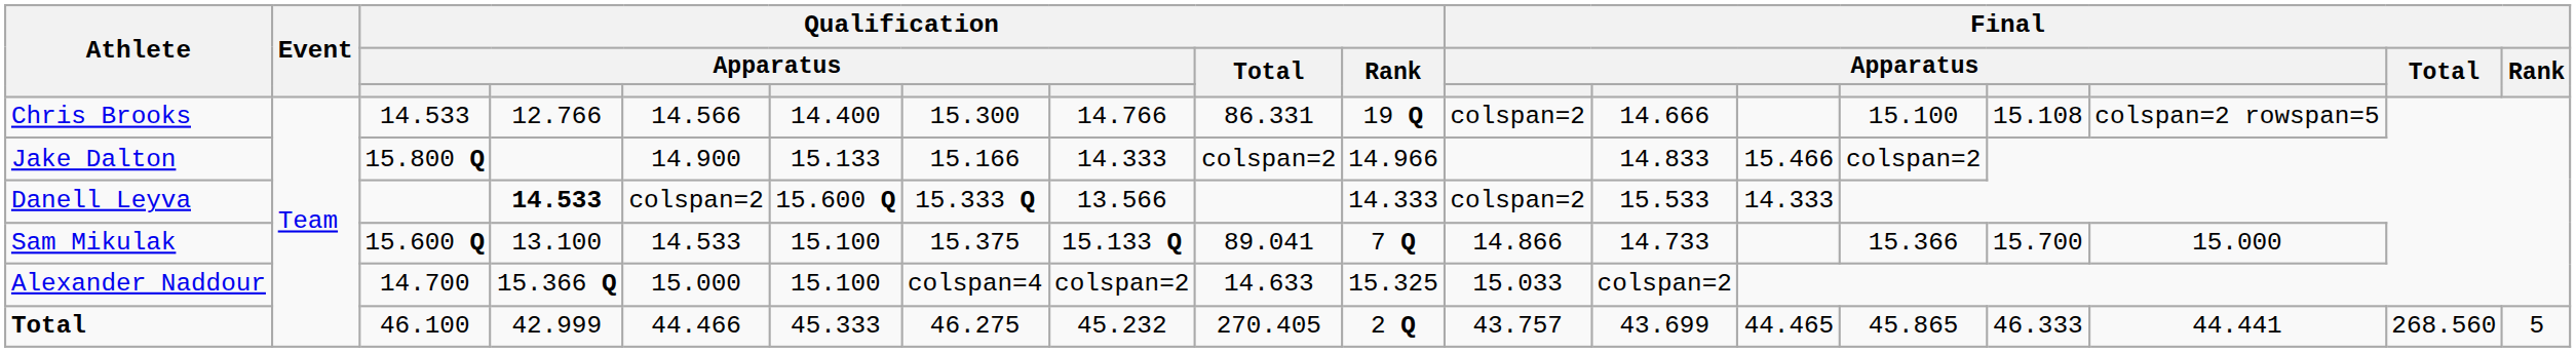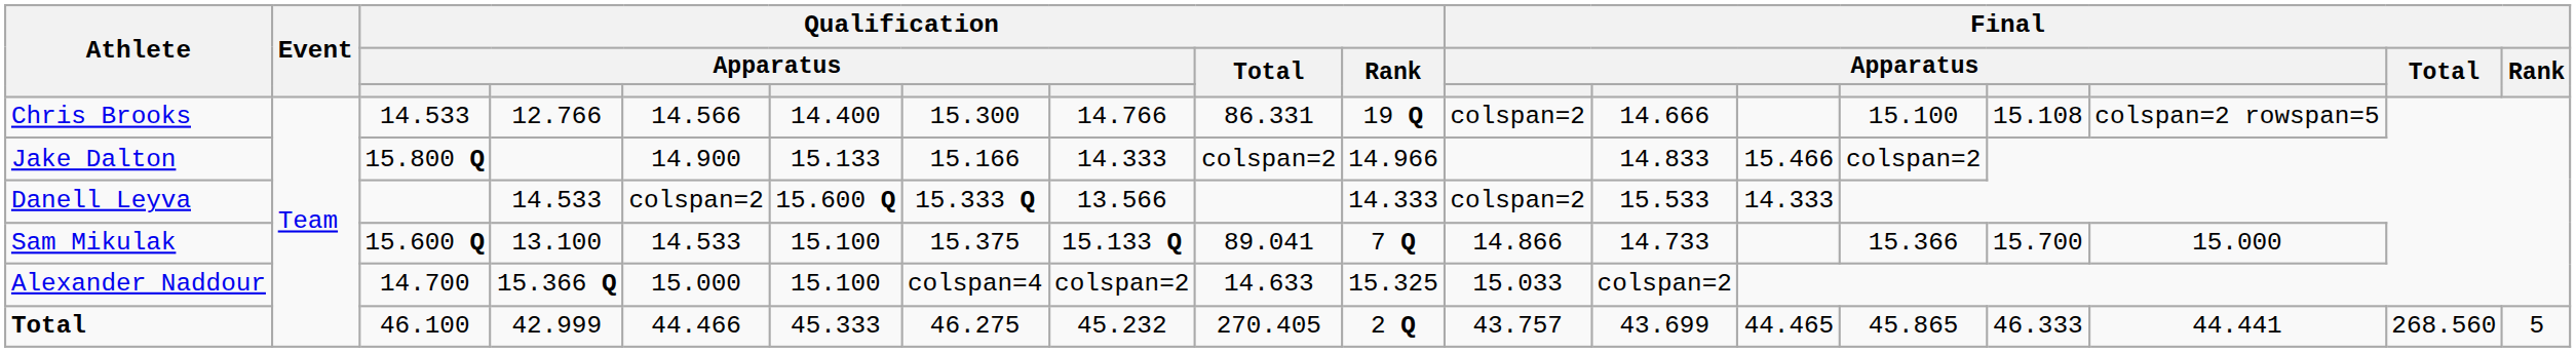 <table class=wikitable style=font-size:90%;text-align:center>
 <tr>
 <th rowspan=3>Athlete</th>
 <th rowspan=3>Event</th>
 <th colspan =8>Qualification</th>
 <th colspan =8>Final</th>
 </tr>
 <tr style=font-size:95%>
 <th colspan=6>Apparatus</th>
 <th rowspan=2>Total</th>
 <th rowspan=2>Rank</th>
 <th colspan=6>Apparatus</th>
 <th rowspan=2>Total</th>
 <th rowspan=2>Rank</th>
 </tr>
 <tr style=font-size:95%>
 <th></th>
 <th></th>
 <th></th>
 <th></th>
 <th></th>
 <th></th>
 <th></th>
 <th></th>
 <th></th>
 <th></th>
 <th></th>
 <th></th>
 </tr>
 <tr>
 <td align=left><a href='#'>Chris Brooks</a></td>
 <td align=left rowspan=6><a href='#'>Team</a></td>
 <td>14.533</td>
 <td>12.766</td>
 <td>14.566</td>
 <td>14.400</td>
 <td>15.300</td>
 <td>14.766</td>
 <td>86.331</td>
 <td>19 <strong>Q</strong></td>
 <td>colspan=2 </td>
 <td>14.666</td>
 <td></td>
 <td>15.100</td>
 <td>15.108</td>
 <td>colspan=2 rowspan=5 </td>
 </tr>
 <tr>
 <td align=left><a href='#'>Jake Dalton</a></td>
 <td>15.800 <strong>Q</strong></td>
 <td></td>
 <td>14.900</td>
 <td>15.133</td>
 <td>15.166</td>
 <td>14.333</td>
 <td>colspan=2 </td>
 <td>14.966</td>
 <td></td>
 <td>14.833</td>
 <td>15.466</td>
 <td>colspan=2 </td>
 </tr>
 <tr>
 <td align=left><a href='#'>Danell Leyva</a></td>
 <td></td>
-<td><strong>14.533</strong></td>
+<td>14.533</td>
 <td>colspan=2 </td>
 <td>15.600 <strong>Q</strong></td>
 <td>15.333 <strong>Q</strong></td>
 <td>13.566</td>
 <td></td>
 <td>14.333</td>
 <td>colspan=2 </td>
 <td>15.533</td>
 <td>14.333</td>
 </tr>
 <tr>
 <td align=left><a href='#'>Sam Mikulak</a></td>
 <td>15.600 <strong>Q</strong></td>
 <td>13.100</td>
 <td>14.533</td>
 <td>15.100</td>
 <td>15.375</td>
 <td>15.133 <strong>Q</strong></td>
 <td>89.041</td>
 <td>7 <strong>Q</strong></td>
 <td>14.866</td>
 <td>14.733</td>
 <td></td>
 <td>15.366</td>
 <td>15.700</td>
 <td>15.000</td>
 </tr>
 <tr>
 <td align=left><a href='#'>Alexander Naddour</a></td>
 <td>14.700</td>
 <td>15.366 <strong>Q</strong></td>
 <td>15.000</td>
 <td>15.100</td>
 <td>colspan=4 </td>
 <td>colspan=2 </td>
 <td>14.633</td>
 <td>15.325</td>
 <td>15.033</td>
 <td>colspan=2 </td>
 </tr>
 <tr>
 <td align=left><strong>Total</strong></td>
 <td>46.100</td>
 <td>42.999</td>
 <td>44.466</td>
 <td>45.333</td>
 <td>46.275</td>
 <td>45.232</td>
 <td>270.405</td>
 <td>2 <strong>Q</strong></td>
 <td>43.757</td>
 <td>43.699</td>
 <td>44.465</td>
 <td>45.865</td>
 <td>46.333</td>
 <td>44.441</td>
 <td>268.560</td>
 <td>5</td>
 </tr>
 </table>
